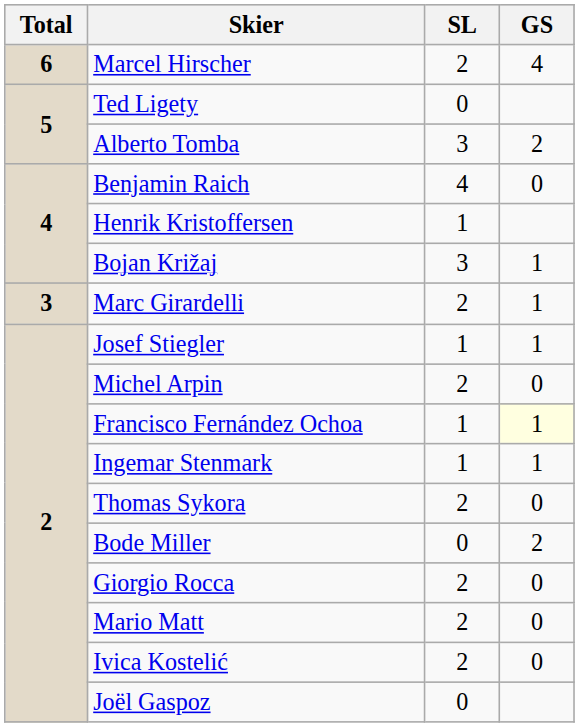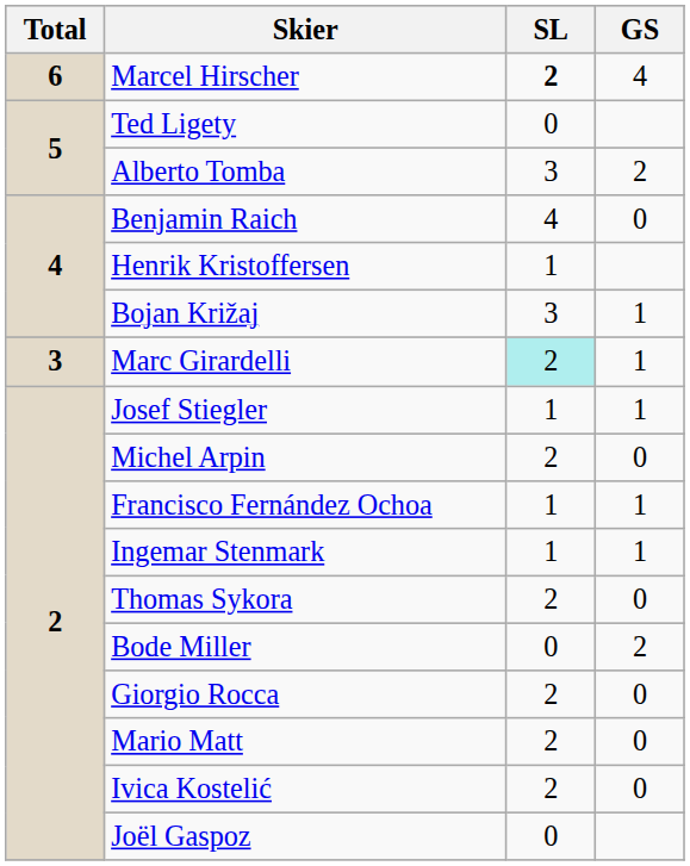 <table class="wikitable" style="font-size: 95%">
 <tr>
 <th width=45>Total</th>
 <th width=205>Skier</th>
 <th width=40>SL</th>
 <th width=40>GS</th>
 </tr>
 <tr align=center>
 <td bgcolor=#E3DAC9><strong>6</strong></td>
 <td align=left> <a href='#'>Marcel Hirscher</a></td>
-<td>2</td>
+<td><strong>2</strong></td>
 <td>4</td>
 </tr>
 <tr align=center>
 <td bgcolor=#E3DAC9 align=center rowspan=2><strong>5</strong></td>
 <td align=left> <a href='#'>Ted Ligety</a></td>
 <td>0</td>
 <td></td>
 </tr>
 <tr align=center>
 <td align=left> <a href='#'>Alberto Tomba</a></td>
 <td>3</td>
 <td>2</td>
 </tr>
 <tr align=center>
 <td bgcolor=#E3DAC9 rowspan="3" align=center><strong>4</strong></td>
 <td align=left> <a href='#'>Benjamin Raich</a></td>
 <td>4</td>
 <td>0</td>
 </tr>
 <tr align=center>
 <td align=left> <a href='#'>Henrik Kristoffersen</a></td>
 <td>1</td>
 <td></td>
 </tr>
 <tr align=center>
 <td align=left> <a href='#'>Bojan Križaj</a></td>
 <td>3</td>
 <td>1</td>
 </tr>
 <tr align=center>
 <td bgcolor=#E3DAC9 rowspan="1" align=center><strong>3</strong></td>
 <td align=left> <a href='#'>Marc Girardelli</a></td>
-<td>2</td>
+<td style="background: paleturquoise;">2</td>
 <td>1</td>
 </tr>
 <tr align=center>
 <td bgcolor=#E3DAC9 rowspan="10" align=center><strong>2</strong></td>
 <td align=left> <a href='#'>Josef Stiegler</a></td>
 <td>1</td>
 <td>1</td>
 </tr>
 <tr align=center>
 <td align=left> <a href='#'>Michel Arpin</a></td>
 <td>2</td>
 <td>0</td>
 </tr>
 <tr align=center>
 <td align=left> <a href='#'>Francisco Fernández Ochoa</a></td>
 <td>1</td>
-<td style="background: lightyellow;">1</td>
+<td>1</td>
 </tr>
 <tr align=center>
 <td align=left> <a href='#'>Ingemar Stenmark</a></td>
 <td>1</td>
 <td>1</td>
 </tr>
 <tr align=center>
 <td align=left> <a href='#'>Thomas Sykora</a></td>
 <td>2</td>
 <td>0</td>
 </tr>
 <tr align=center>
 <td align=left> <a href='#'>Bode Miller</a></td>
 <td>0</td>
 <td>2</td>
 </tr>
 <tr align=center>
 <td align=left> <a href='#'>Giorgio Rocca</a></td>
 <td>2</td>
 <td>0</td>
 </tr>
 <tr align=center>
 <td align=left> <a href='#'>Mario Matt</a></td>
 <td>2</td>
 <td>0</td>
 </tr>
 <tr align=center>
 <td align=left> <a href='#'>Ivica Kostelić</a></td>
 <td>2</td>
 <td>0</td>
 </tr>
 <tr align=center>
 <td align=left> <a href='#'>Joël Gaspoz</a></td>
 <td>0</td>
 <td></td>
 </tr>
 </table>
